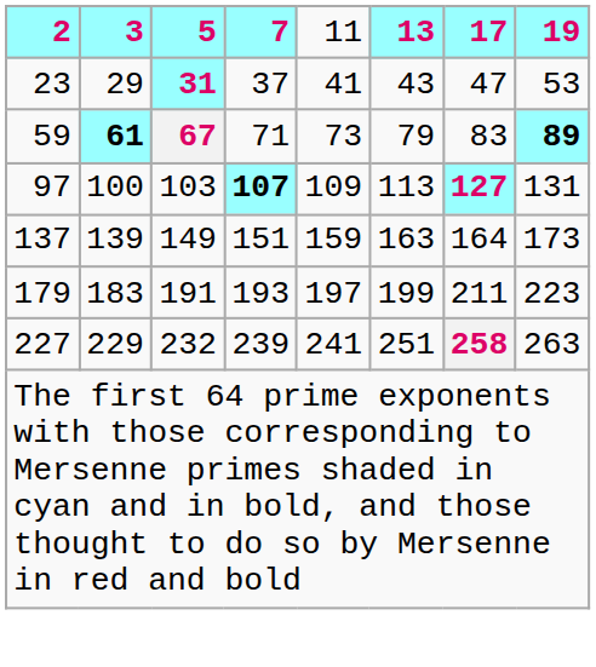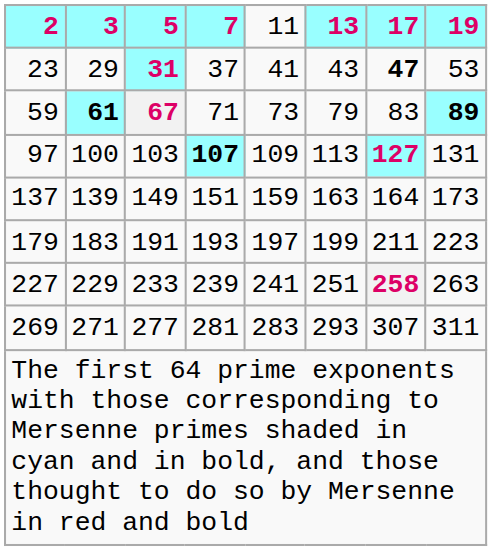 <table class="wikitable floatright" style="width:1px;padding-left:1em;">
 <tr>
 <th style="color:#dd0066;background:#99ffff;text-align:right;">2</th>
 <th style="color:#dd0066;background:#99ffff;text-align:right;">3</th>
 <th style="color:#dd0066;background:#99ffff;text-align:right;">5</th>
 <th style="color:#dd0066;background:#99ffff;text-align:right;">7</th>
 <td style="text-align: right;">11</td>
 <th style="color:#dd0066;background:#99ffff;text-align:right;">13</th>
 <th style="color:#dd0066;background:#99ffff;text-align:right;">17</th>
 <th style="color:#dd0066;background:#99ffff;text-align:right;">19</th>
 </tr>
 <tr>
 <td style="text-align: right;">23</td>
 <td style="text-align: right;">29</td>
 <th style="color:#dd0066;background:#99ffff;text-align:right;">31</th>
 <td style="text-align: right;">37</td>
 <td style="text-align: right;">41</td>
 <td style="text-align: right;">43</td>
-<td style="text-align: right;">47</td>
+<td style="text-align: right;"><strong>47</strong></td>
 <td style="text-align: right;">53</td>
 </tr>
 <tr>
 <td style="text-align: right;">59</td>
 <th style="background:#99ffff;text-align:right;">61</th>
 <th style="color:#dd0066;text-align:right;">67</th>
 <td style="text-align: right;">71</td>
 <td style="text-align: right;">73</td>
 <td style="text-align: right;">79</td>
 <td style="text-align: right;">83</td>
 <th style="background:#99ffff;text-align:right;">89</th>
 </tr>
 <tr>
 <td style="text-align: right;">97</td>
 <td style="text-align: right;">100</td>
 <td style="text-align: right;">103</td>
 <th style="background:#99ffff;text-align:right;">107</th>
 <td style="text-align: right;">109</td>
 <td style="text-align: right;">113</td>
 <th style="color:#dd0066;background:#99ffff;text-align:right;">127</th>
 <td style="text-align: right;">131</td>
 </tr>
 <tr>
 <td style="text-align: right;">137</td>
 <td style="text-align: right;">139</td>
 <td style="text-align: right;">149</td>
 <td style="text-align: right;">151</td>
 <td style="text-align: right;">159</td>
 <td style="text-align: right;">163</td>
 <td style="text-align: right;">164</td>
 <td style="text-align: right;">173</td>
 </tr>
 <tr>
 <td style="text-align: right;">179</td>
 <td style="text-align: right;">183</td>
 <td style="text-align: right;">191</td>
 <td style="text-align: right;">193</td>
 <td style="text-align: right;">197</td>
 <td style="text-align: right;">199</td>
 <td style="text-align: right;">211</td>
 <td style="text-align: right;">223</td>
 </tr>
 <tr>
 <td style="text-align: right;">227</td>
 <td style="text-align: right;">229</td>
-<td style="text-align: right;">232</td>
+<td style="text-align: right;">233</td>
 <td style="text-align: right;">239</td>
 <td style="text-align: right;">241</td>
 <td style="text-align: right;">251</td>
 <th style="color:#dd0066;">258</th>
 <td style="text-align: right;">263</td>
 </tr>
 <tr>
+<td style="text-align: right;">269</td>
+<td style="text-align: right;">271</td>
+<td style="text-align: right;">277</td>
+<td style="text-align: right;">281</td>
+<td style="text-align: right;">283</td>
+<td style="text-align: right;">293</td>
+<td style="text-align: right;">307</td>
+<td style="text-align: right;">311</td>
+</tr>
+<tr>
 <td colspan="8">The first 64 prime exponents with those corresponding to Mersenne primes shaded in cyan and in bold, and those thought to do so by Mersenne in red and bold</td>
 </tr>
 </table>
